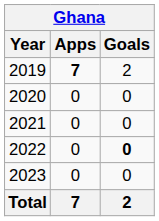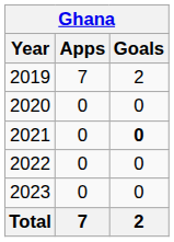 <table class="wikitable" style="text-align:center">
 <tr>
 <th colspan=3><a href='#'>Ghana</a></th>
 </tr>
 <tr>
 <th>Year</th>
 <th>Apps</th>
 <th>Goals</th>
 </tr>
 <tr>
 <td>2019</td>
-<td><strong>7</strong></td>
+<td>7</td>
 <td>2</td>
 </tr>
 <tr>
 <td>2020</td>
 <td>0</td>
 <td>0</td>
 </tr>
 <tr>
 <td>2021</td>
 <td>0</td>
-<td>0</td>
+<td><strong>0</strong></td>
 </tr>
 <tr>
 <td>2022</td>
 <td>0</td>
-<td><strong>0</strong></td>
+<td>0</td>
 </tr>
 <tr>
 <td>2023</td>
 <td>0</td>
 <td>0</td>
 </tr>
 <tr>
 <th>Total</th>
 <th>7</th>
 <th>2</th>
 </tr>
 </table>
